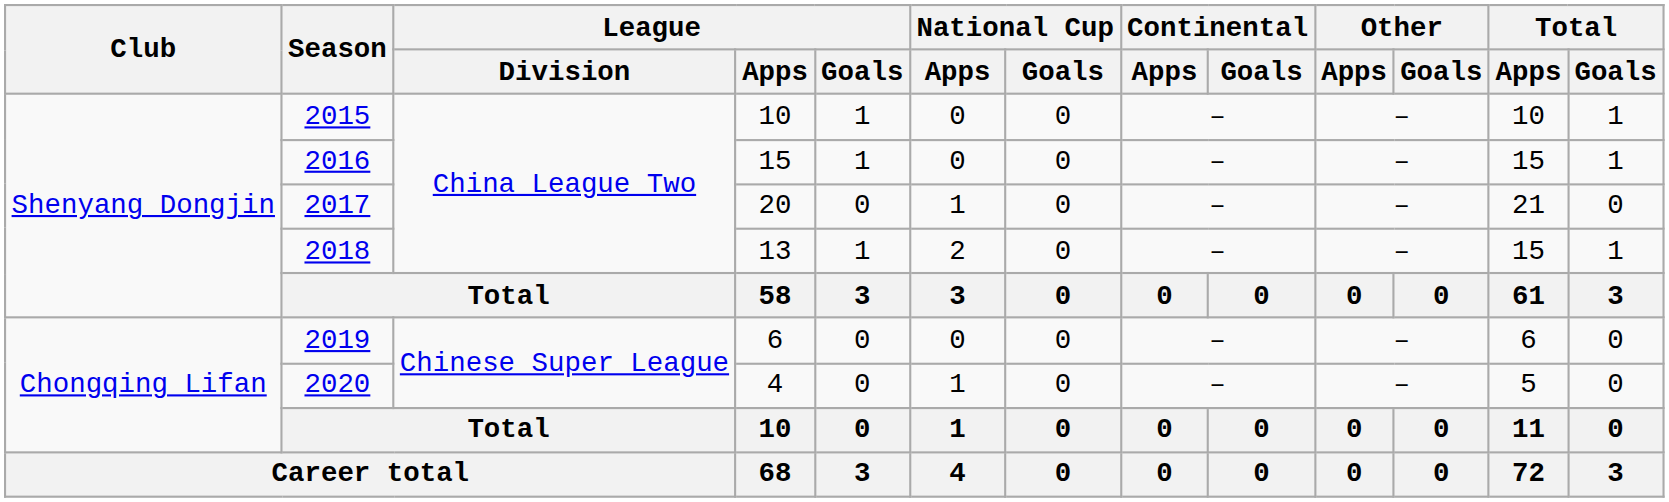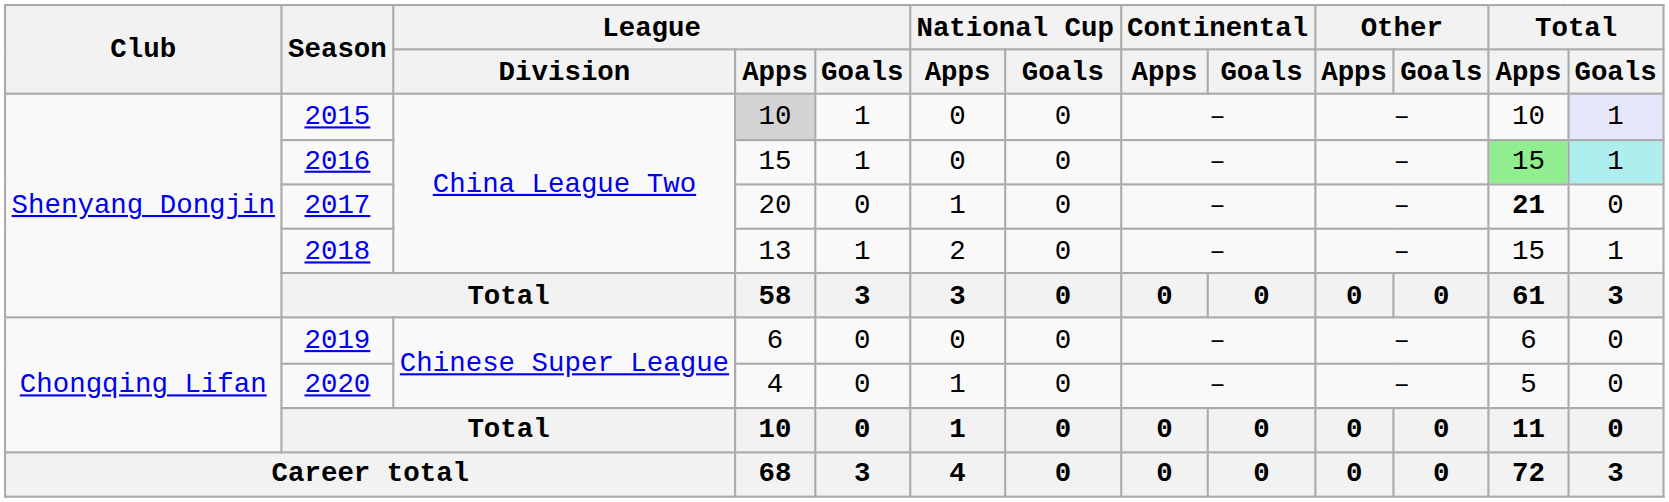 <table class="wikitable" style="text-align: center">
 <tr>
 <th rowspan="2">Club</th>
 <th rowspan="2">Season</th>
 <th colspan="3">League</th>
 <th colspan="2">National Cup</th>
 <th colspan="2">Continental</th>
 <th colspan="2">Other</th>
 <th colspan="2">Total</th>
 </tr>
 <tr>
 <th>Division</th>
 <th>Apps</th>
 <th>Goals</th>
 <th>Apps</th>
 <th>Goals</th>
 <th>Apps</th>
 <th>Goals</th>
 <th>Apps</th>
 <th>Goals</th>
 <th>Apps</th>
 <th>Goals</th>
 </tr>
 <tr>
 <td rowspan="5"><a href='#'>Shenyang Dongjin</a></td>
 <td><a href='#'>2015</a></td>
 <td rowspan="4"><a href='#'>China League Two</a></td>
-<td>10</td>
+<td style="background: lightgrey;">10</td>
 <td>1</td>
 <td>0</td>
 <td>0</td>
 <td colspan="2">–</td>
 <td colspan="2">–</td>
 <td>10</td>
-<td>1</td>
+<td style="background: lavender;">1</td>
 </tr>
 <tr>
 <td><a href='#'>2016</a></td>
 <td>15</td>
 <td>1</td>
 <td>0</td>
 <td>0</td>
 <td colspan="2">–</td>
 <td colspan="2">–</td>
-<td>15</td>
-<td>1</td>
+<td style="background: lightgreen;">15</td>
+<td style="background: paleturquoise;">1</td>
 </tr>
 <tr>
 <td><a href='#'>2017</a></td>
 <td>20</td>
 <td>0</td>
 <td>1</td>
 <td>0</td>
 <td colspan="2">–</td>
 <td colspan="2">–</td>
-<td>21</td>
+<td><strong>21</strong></td>
 <td>0</td>
 </tr>
 <tr>
 <td><a href='#'>2018</a></td>
 <td>13</td>
 <td>1</td>
 <td>2</td>
 <td>0</td>
 <td colspan="2">–</td>
 <td colspan="2">–</td>
 <td>15</td>
 <td>1</td>
 </tr>
 <tr>
 <th colspan="2">Total</th>
 <th>58</th>
 <th>3</th>
 <th>3</th>
 <th>0</th>
 <th>0</th>
 <th>0</th>
 <th>0</th>
 <th>0</th>
 <th>61</th>
 <th>3</th>
 </tr>
 <tr>
 <td rowspan=3><a href='#'>Chongqing Lifan</a></td>
 <td><a href='#'>2019</a></td>
 <td rowspan=2><a href='#'>Chinese Super League</a></td>
 <td>6</td>
 <td>0</td>
 <td>0</td>
 <td>0</td>
 <td colspan="2">–</td>
 <td colspan="2">–</td>
 <td>6</td>
 <td>0</td>
 </tr>
 <tr>
 <td><a href='#'>2020</a></td>
 <td>4</td>
 <td>0</td>
 <td>1</td>
 <td>0</td>
 <td colspan="2">–</td>
 <td colspan="2">–</td>
 <td>5</td>
 <td>0</td>
 </tr>
 <tr>
 <th colspan="2">Total</th>
 <th>10</th>
 <th>0</th>
 <th>1</th>
 <th>0</th>
 <th>0</th>
 <th>0</th>
 <th>0</th>
 <th>0</th>
 <th>11</th>
 <th>0</th>
 </tr>
 <tr>
 <th colspan=3>Career total</th>
 <th>68</th>
 <th>3</th>
 <th>4</th>
 <th>0</th>
 <th>0</th>
 <th>0</th>
 <th>0</th>
 <th>0</th>
 <th>72</th>
 <th>3</th>
 </tr>
 </table>
